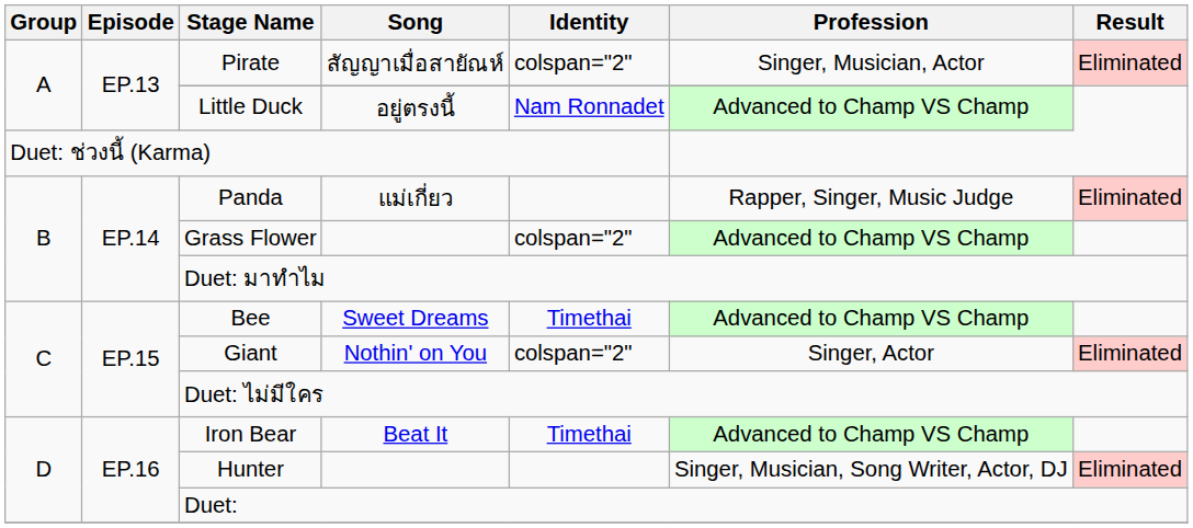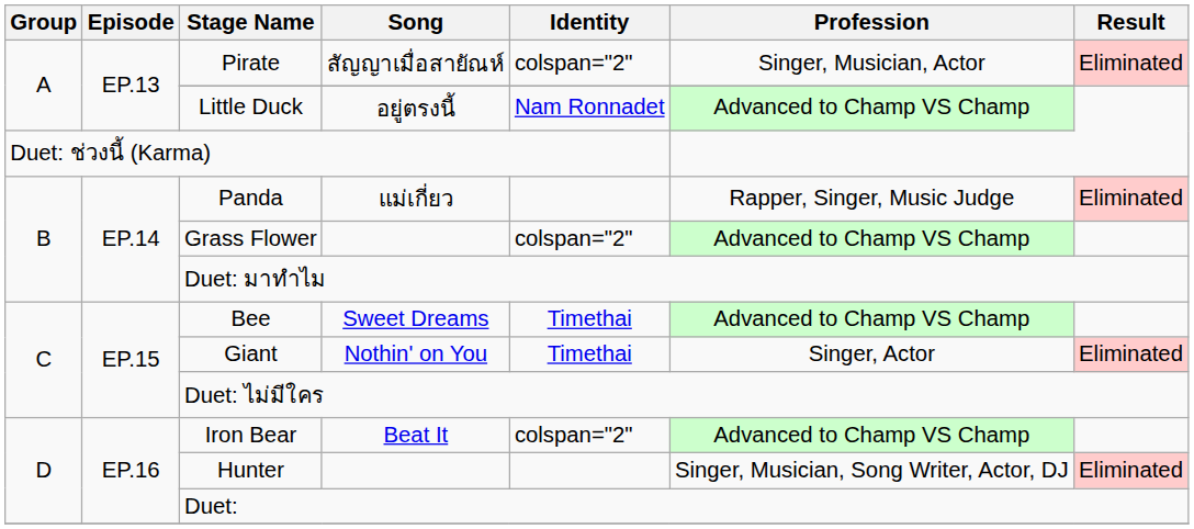 <table class="wikitable">
 <tr>
 <th>Group</th>
 <th>Episode</th>
 <th>Stage Name</th>
 <th>Song</th>
 <th>Identity</th>
 <th>Profession</th>
 <th>Result</th>
 </tr>
 <tr>
 <td align="center" rowspan="3">A</td>
 <td rowspan="3" align="center">EP.13</td>
 <td style="text-align:center;">Pirate</td>
 <td style="text-align:center;">สัญญาเมื่อสายัณห์</td>
 <td>colspan="2"  </td>
 <td style="text-align:center;">Singer, Musician, Actor</td>
 <td style="text-align:center; background:#ffcccc;">Eliminated</td>
 </tr>
 <tr>
 </tr>
 <tr>
 <td style="text-align:center;">Little Duck</td>
 <td style="text-align:center;">อยู่ตรงนี้</td>
 <td style="text-align:center;"><a href='#'>Nam Ronnadet</a></td>
 <td style="text-align:center; background:#ccffcc;">Advanced to Champ VS Champ</td>
 </tr>
 <tr>
 <td colspan="5">Duet: ช่วงนี้ (Karma)</td>
 </tr>
 <tr>
 <td align="center" rowspan="3">B</td>
 <td rowspan="3" align="center">EP.14</td>
 <td style="text-align:center;">Panda</td>
 <td style="text-align:center;">แม่เกี่ยว</td>
 <td style="text-align:center;"></td>
 <td style="text-align:center;">Rapper, Singer, Music Judge</td>
 <td style="text-align:center; background:#ffcccc;">Eliminated</td>
 </tr>
 <tr>
 <td style="text-align:center;">Grass Flower</td>
 <td style="text-align:center;"></td>
 <td>colspan="2"  </td>
 <td style="text-align:center; background:#ccffcc;">Advanced to Champ VS Champ</td>
 </tr>
 <tr>
 <td colspan="5">Duet: มาทำไม</td>
 </tr>
 <tr>
 <td align="center" rowspan="3">C</td>
 <td rowspan="3" align="center">EP.15</td>
 <td style="text-align:center;">Bee</td>
 <td style="text-align:center;"><a href='#'>Sweet Dreams</a></td>
 <td style="text-align:center;"><a href='#'>Timethai</a></td>
 <td style="text-align:center; background:#ccffcc;">Advanced to Champ VS Champ</td>
 </tr>
 <tr>
 <td style="text-align:center;">Giant</td>
 <td style="text-align:center;"><a href='#'>Nothin' on You</a></td>
-<td>colspan="2"  </td>
+<td style="text-align:center;"><a href='#'>Timethai</a></td>
 <td style="text-align:center;">Singer, Actor</td>
 <td style="text-align:center; background:#ffcccc;">Eliminated</td>
 </tr>
 <tr>
 <td colspan="5">Duet: ไม่มีใคร</td>
 </tr>
 <tr>
 <td align="center" rowspan="3">D</td>
 <td rowspan="3" align="center">EP.16</td>
 <td style="text-align:center;">Iron Bear</td>
 <td style="text-align:center;"><a href='#'>Beat It</a></td>
-<td style="text-align:center;"><a href='#'>Timethai</a></td>
+<td>colspan="2"  </td>
 <td style="text-align:center; background:#ccffcc;">Advanced to Champ VS Champ</td>
 </tr>
 <tr>
 <td style="text-align:center;">Hunter</td>
 <td style="text-align:center;"></td>
 <td style="text-align:center;"></td>
 <td style="text-align:center;">Singer, Musician, Song Writer, Actor,  DJ</td>
 <td style="text-align:center; background:#ffcccc;">Eliminated</td>
 </tr>
 <tr>
 <td colspan="5">Duet: </td>
 </tr>
 <tr>
 </tr>
 </table>
